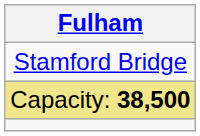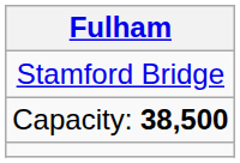 <table class= "wikitable sortable"; style="text-align:center">
 <tr>
 <th><a href='#'>Fulham</a></th>
 </tr>
 <tr>
 <td><a href='#'>Stamford Bridge</a></td>
 </tr>
 <tr>
-<td style="background: khaki;">Capacity: <strong>38,500</strong></td>
+<td>Capacity: <strong>38,500</strong></td>
 </tr>
 <tr>
 <td></td>
 </tr>
 </table>
